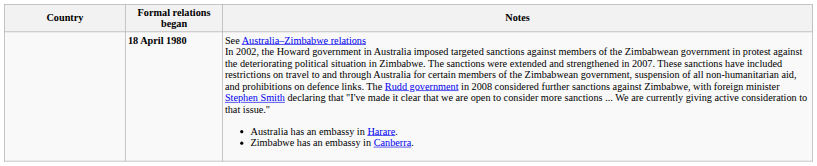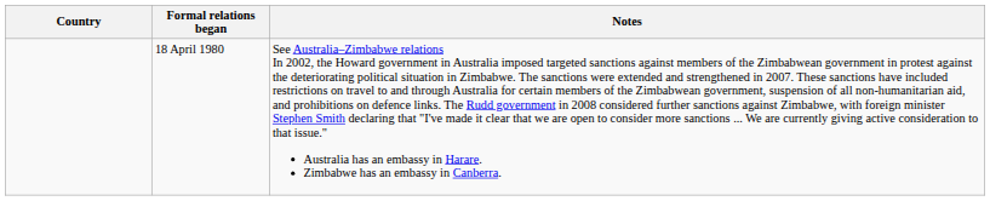 <table class="wikitable sortable" style="width:100%; margin:auto;">
 <tr>
 <th style="width:15%;">Country</th>
 <th style="width:12%;">Formal relations began</th>
 <th>Notes</th>
 </tr>
 <tr valign="top">
 <td></td>
-<td><strong>18 April 1980</strong></td>
+<td>18 April 1980</td>
 <td>See <a href='#'>Australia–Zimbabwe relations</a><br>In 2002, the Howard government in Australia imposed targeted sanctions against members of the Zimbabwean government in protest against the deteriorating political situation in Zimbabwe. The sanctions were extended and strengthened in 2007. These sanctions have included restrictions on travel to and through Australia for certain members of the Zimbabwean government, suspension of all non-humanitarian aid, and prohibitions on defence links. The <a href='#'>Rudd government</a> in 2008 considered further sanctions against Zimbabwe, with foreign minister <a href='#'>Stephen Smith</a> declaring that "I've made it clear that we are open to consider more sanctions ... We are currently giving active consideration to that issue."<ul><li>Australia has an embassy in <a href='#'>Harare</a>.</li><li>Zimbabwe has an embassy in <a href='#'>Canberra</a>.</li></ul></td>
 </tr>
 </table>
